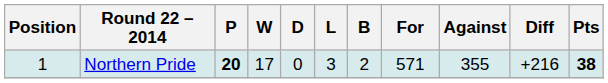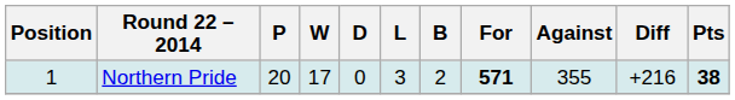 <table class="wikitable" style="text-align:center; font-size:85%;">
 <tr>
 <th width=40 abbr="Position">Position</th>
 <th width=100>Round 22 – 2014</th>
 <th width=20 abbr="Played">P</th>
 <th width=20 abbr="Won">W</th>
 <th width=20 abbr="Drawn">D</th>
 <th width=20 abbr="Lost">L</th>
 <th width=20 abbr="Bye">B</th>
 <th width=40 abbr="Points for">For</th>
 <th width=40 abbr="Points against">Against</th>
 <th width=40 abbr="Points difference">Diff</th>
 <th width=20 abbr="Points">Pts</th>
 </tr>
 <tr style="background: #d7ebed;">
 <td>1</td>
 <td style="text-align:left;"> <a href='#'>Northern Pride</a></td>
-<td><strong>20</strong></td>
+<td>20</td>
 <td>17</td>
 <td>0</td>
 <td>3</td>
 <td>2</td>
-<td>571</td>
+<td><strong>571</strong></td>
 <td>355</td>
 <td>+216</td>
 <td><strong>38</strong></td>
 </tr>
 <tr>
 </tr>
 </table>
